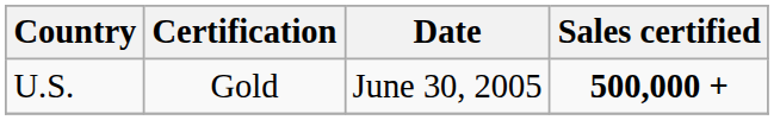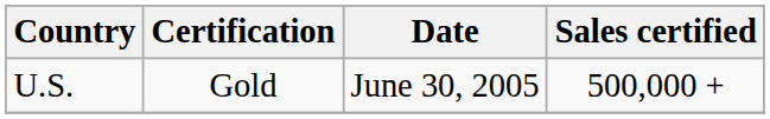 <table class="wikitable sortable">
 <tr>
 <th>Country</th>
 <th>Certification</th>
 <th>Date</th>
 <th>Sales certified</th>
 </tr>
 <tr>
 <td>U.S.</td>
 <td align="center">Gold</td>
 <td align="center">June 30, 2005</td>
-<td align="center"><strong>500,000 +</strong></td>
+<td align="center">500,000 +</td>
 </tr>
 <tr>
 </tr>
 </table>
